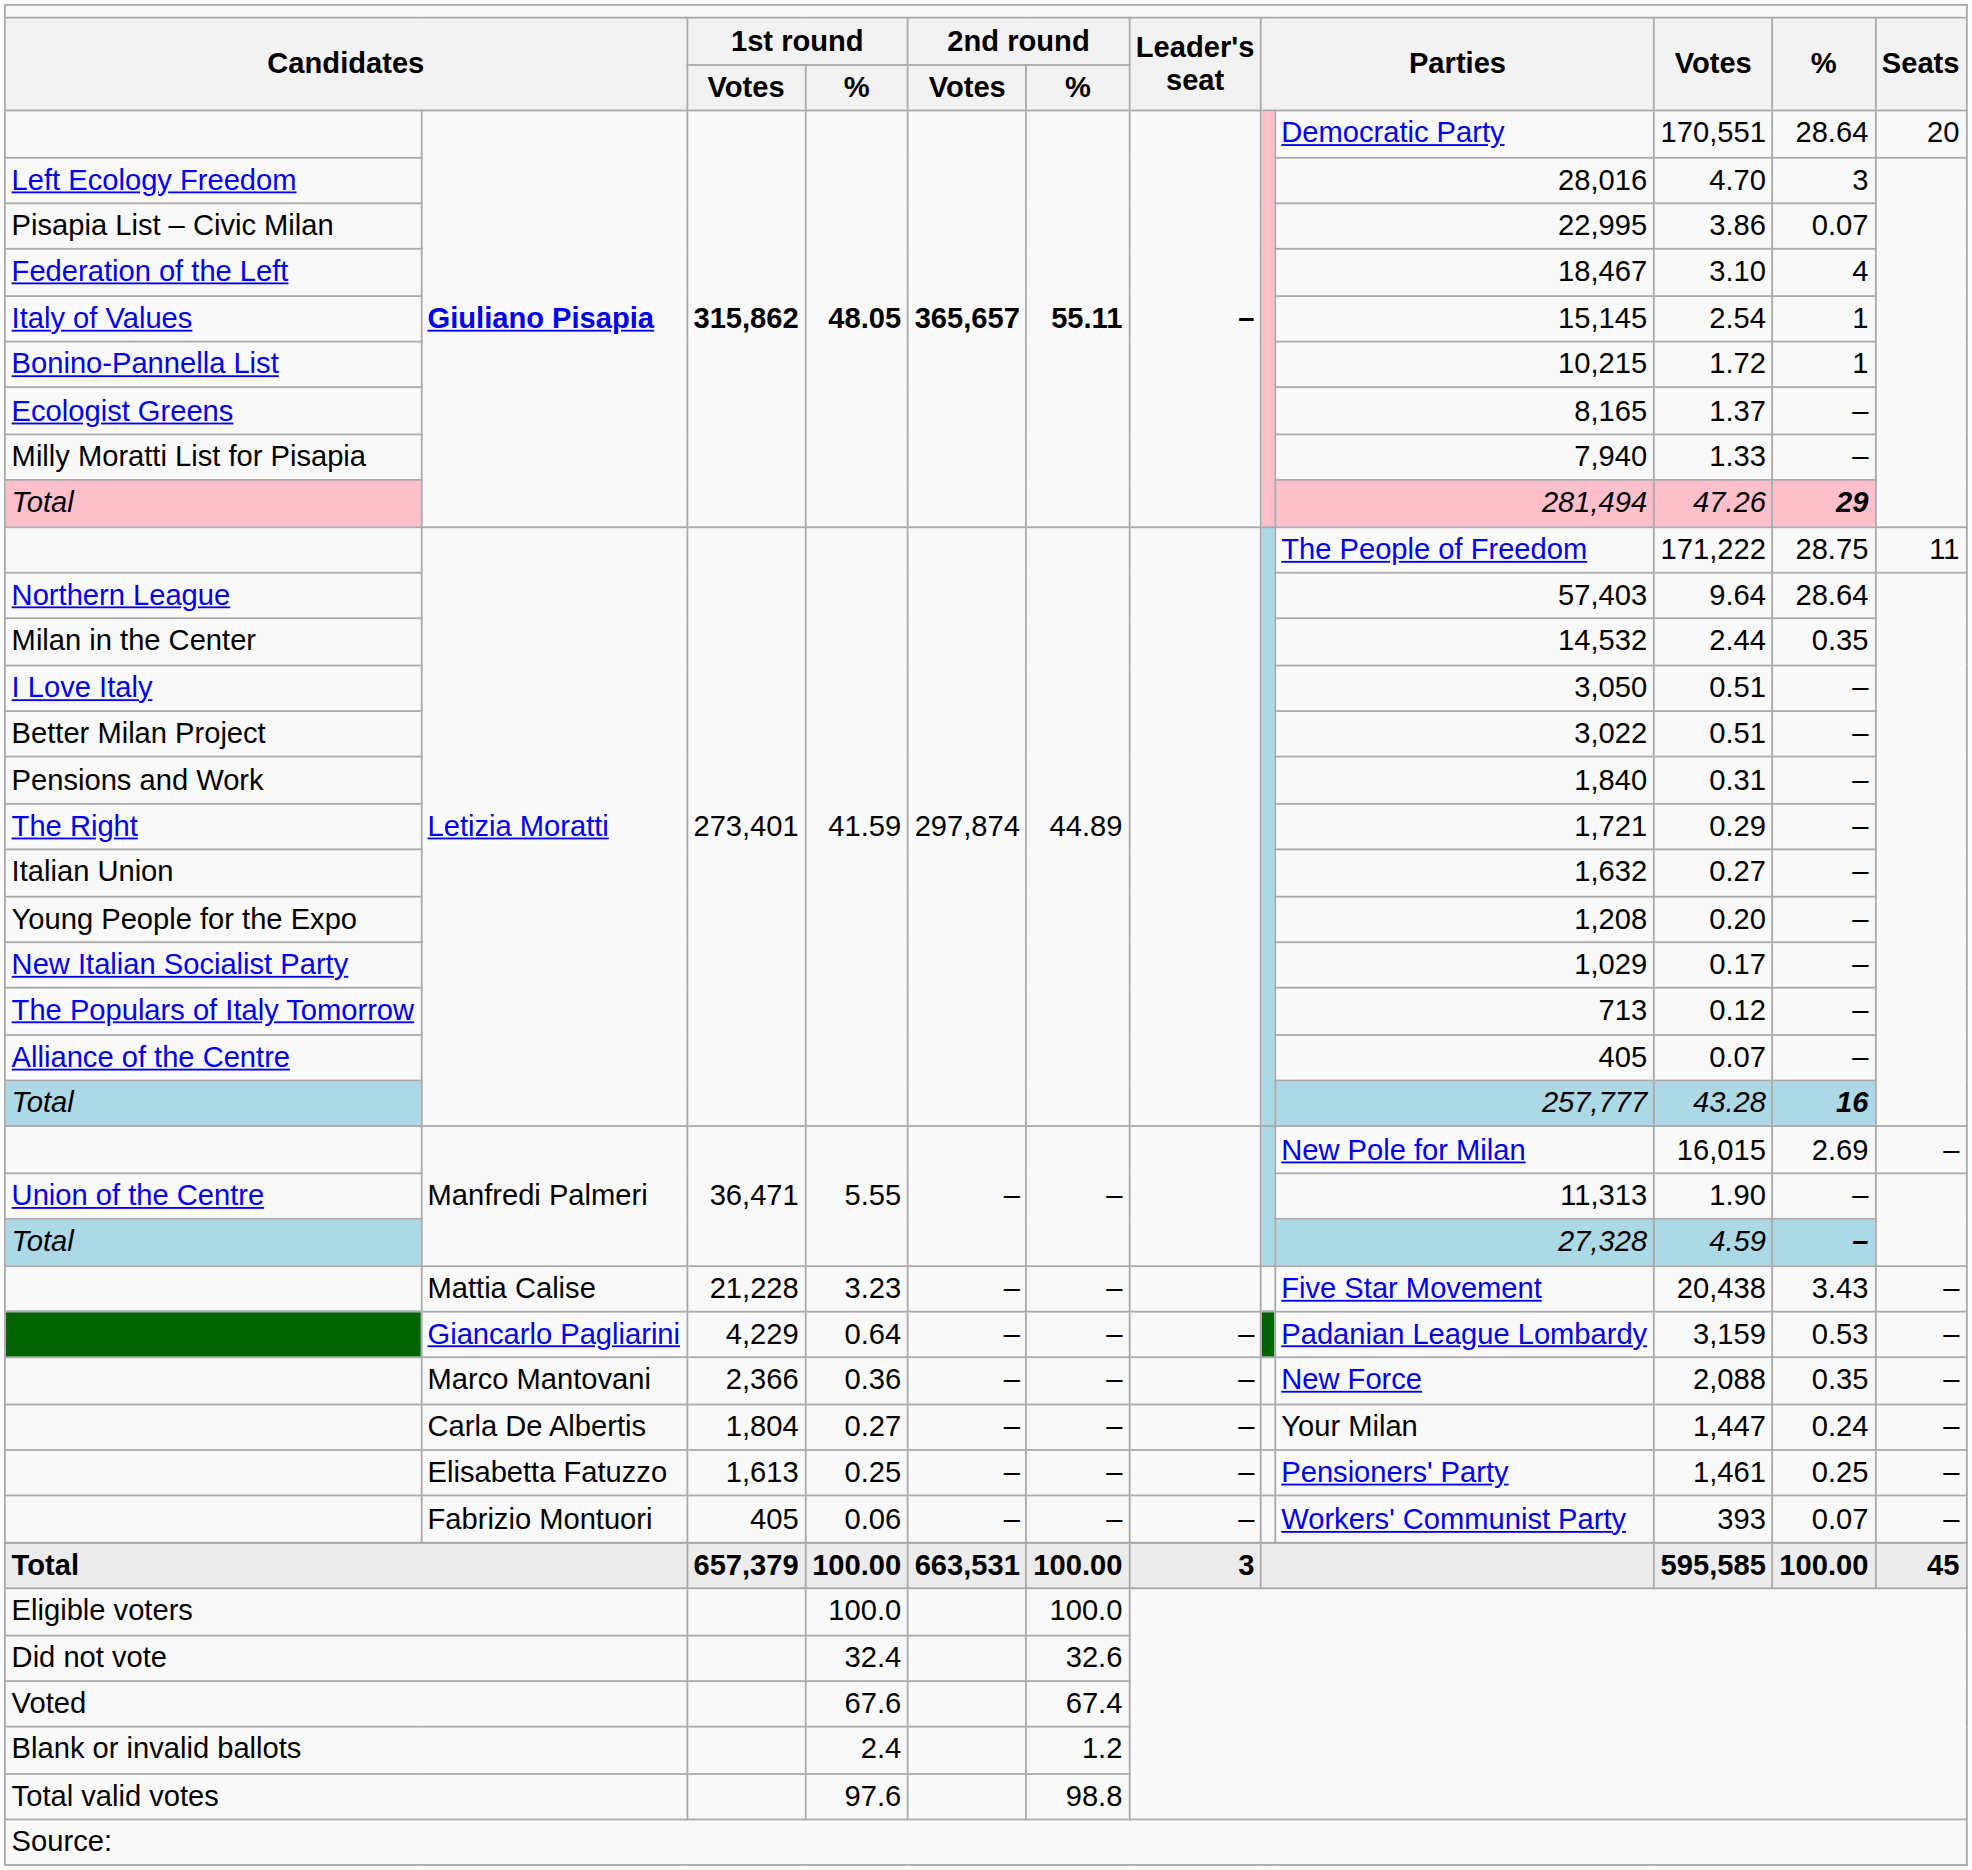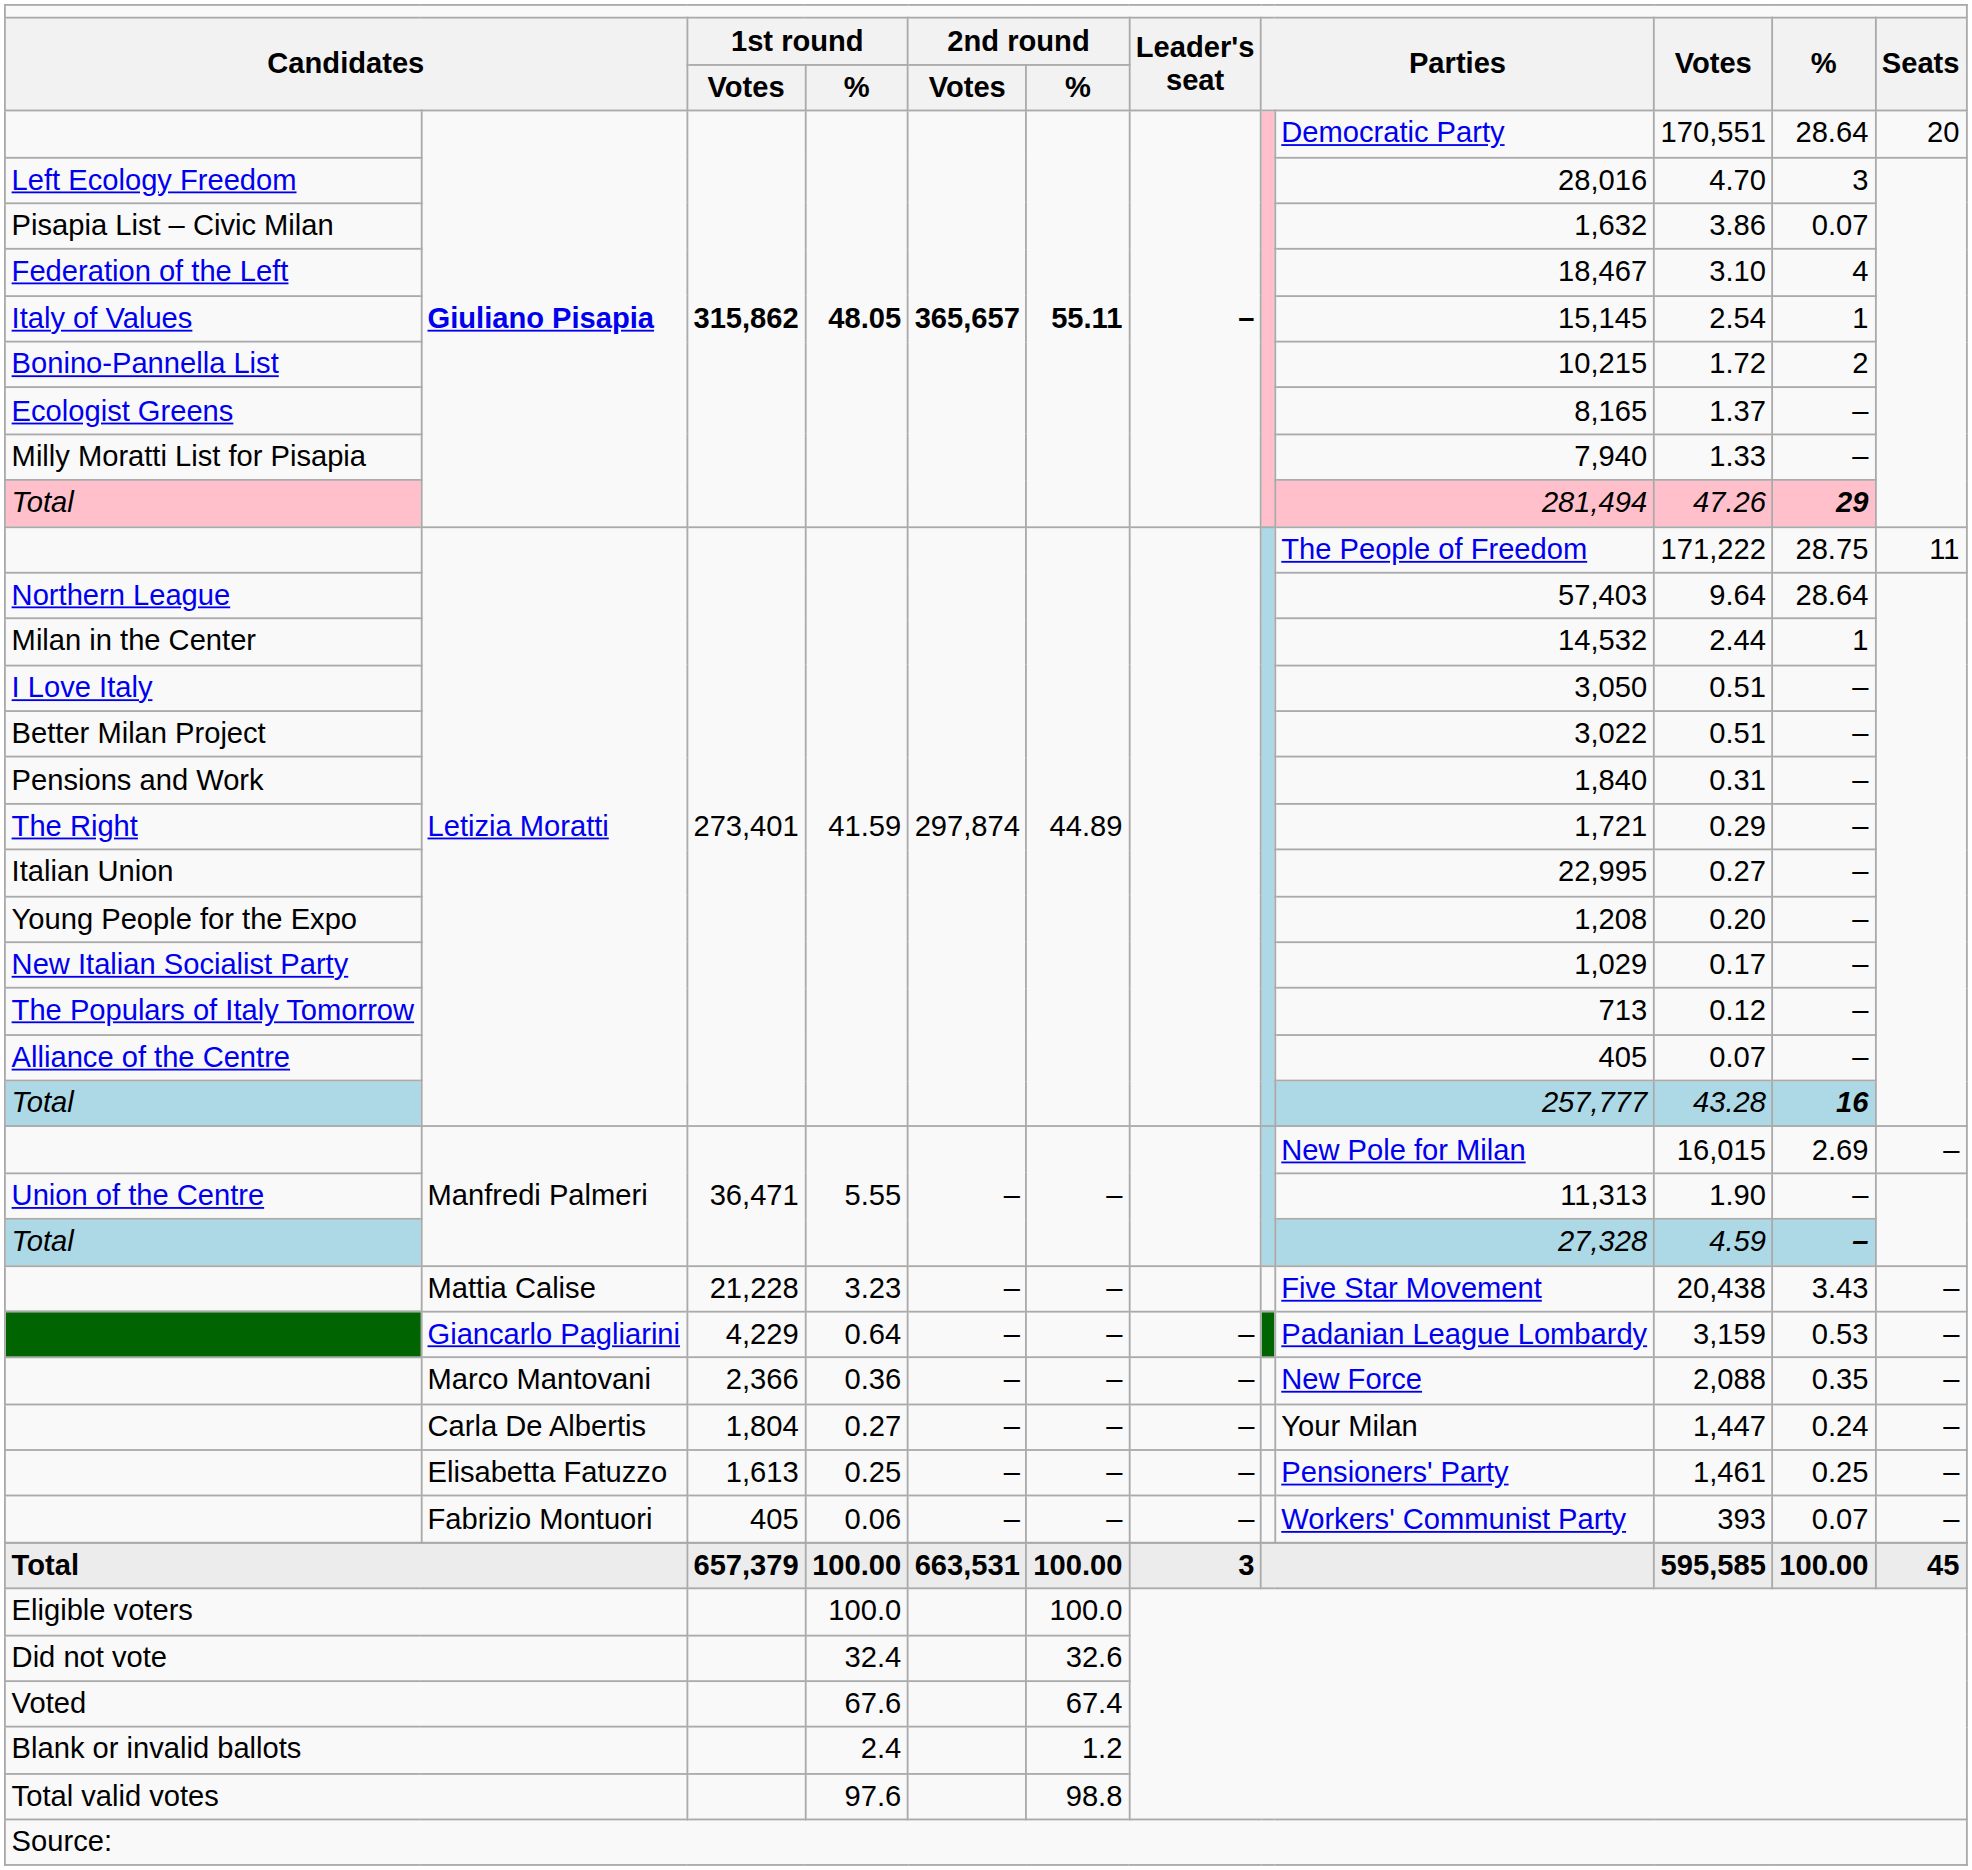 <table class="wikitable" style="text-align:left">
 <tr>
 <td colspan="12"></td>
 </tr>
 <tr>
 <th rowspan=2 colspan="2">Candidates</th>
 <th colspan=2>1st round</th>
 <th colspan=2>2nd round</th>
 <th rowspan=2>Leader's<br>seat</th>
 <th rowspan=2 colspan=2>Parties</th>
 <th rowspan=2>Votes</th>
 <th rowspan=2>%</th>
 <th rowspan=2>Seats</th>
 </tr>
 <tr>
 <th>Votes</th>
 <th>%</th>
 <th>Votes</th>
 <th>%</th>
 </tr>
 <tr>
 <td></td>
 <td rowspan=9><strong><a href='#'>Giuliano Pisapia</a></strong></td>
 <td rowspan=9 align=right><strong>315,862</strong></td>
 <td rowspan=9 align=right><strong>48.05</strong></td>
 <td rowspan=9 align=right><strong>365,657</strong></td>
 <td rowspan=9 align=right><strong>55.11</strong></td>
 <td rowspan=9 align=right><strong>–</strong></td>
 <td rowspan=9 bgcolor="pink"></td>
 <td><a href='#'>Democratic Party</a></td>
 <td align=right>170,551</td>
 <td align=right>28.64</td>
 <td align=right>20</td>
 </tr>
 <tr>
 <td><a href='#'>Left Ecology Freedom</a></td>
 <td align=right>28,016</td>
 <td align=right>4.70</td>
 <td align=right>3</td>
 </tr>
 <tr>
 <td>Pisapia List – Civic Milan</td>
-<td align=right>22,995</td>
+<td align=right>1,632</td>
 <td align=right>3.86</td>
 <td align=right>0.07</td>
 </tr>
 <tr>
 <td><a href='#'>Federation of the Left</a></td>
 <td align=right>18,467</td>
 <td align=right>3.10</td>
 <td align=right>4</td>
 </tr>
 <tr>
 <td><a href='#'>Italy of Values</a></td>
 <td align=right>15,145</td>
 <td align=right>2.54</td>
 <td align=right>1</td>
 </tr>
 <tr>
 <td><a href='#'>Bonino-Pannella List</a></td>
 <td align=right>10,215</td>
 <td align=right>1.72</td>
-<td align=right>1</td>
+<td align=right>2</td>
 </tr>
 <tr>
 <td><a href='#'>Ecologist Greens</a></td>
 <td align=right>8,165</td>
 <td align=right>1.37</td>
 <td align=right>–</td>
 </tr>
 <tr>
 <td>Milly Moratti List for Pisapia</td>
 <td align=right>7,940</td>
 <td align=right>1.33</td>
 <td align=right>–</td>
 </tr>
 <tr>
 <td bgcolor="pink"><em>Total</em></td>
 <td bgcolor="pink" align=right><em>281,494</em></td>
 <td bgcolor="pink" align=right><em>47.26</em></td>
 <td bgcolor="pink" align=right><strong><em>29</em></strong></td>
 </tr>
 <tr>
 <td></td>
 <td rowspan=13><a href='#'>Letizia Moratti</a></td>
 <td rowspan=13 align=right>273,401</td>
 <td rowspan=13 align=right>41.59</td>
 <td rowspan=13 align=right>297,874</td>
 <td rowspan=13 align=right>44.89</td>
 <td rowspan=13 align=right></td>
 <td rowspan=13 bgcolor="lightblue"></td>
 <td><a href='#'>The People of Freedom</a></td>
 <td align=right>171,222</td>
 <td align=right>28.75</td>
 <td align=right>11</td>
 </tr>
 <tr>
 <td><a href='#'>Northern League</a></td>
 <td align=right>57,403</td>
 <td align=right>9.64</td>
 <td align=right>28.64</td>
 </tr>
 <tr>
 <td>Milan in the Center</td>
 <td align=right>14,532</td>
 <td align=right>2.44</td>
-<td align=right>0.35</td>
+<td align=right>1</td>
 </tr>
 <tr>
 <td><a href='#'>I Love Italy</a></td>
 <td align=right>3,050</td>
 <td align=right>0.51</td>
 <td align=right>–</td>
 </tr>
 <tr>
 <td>Better Milan Project</td>
 <td align=right>3,022</td>
 <td align=right>0.51</td>
 <td align=right>–</td>
 </tr>
 <tr>
 <td>Pensions and Work</td>
 <td align=right>1,840</td>
 <td align=right>0.31</td>
 <td align=right>–</td>
 </tr>
 <tr>
 <td><a href='#'>The Right</a></td>
 <td align=right>1,721</td>
 <td align=right>0.29</td>
 <td align=right>–</td>
 </tr>
 <tr>
 <td>Italian Union</td>
-<td align=right>1,632</td>
+<td align=right>22,995</td>
 <td align=right>0.27</td>
 <td align=right>–</td>
 </tr>
 <tr>
 <td>Young People for the Expo</td>
 <td align=right>1,208</td>
 <td align=right>0.20</td>
 <td align=right>–</td>
 </tr>
 <tr>
 <td><a href='#'>New Italian Socialist Party</a></td>
 <td align=right>1,029</td>
 <td align=right>0.17</td>
 <td align=right>–</td>
 </tr>
 <tr>
 <td><a href='#'>The Populars of Italy Tomorrow</a></td>
 <td align=right>713</td>
 <td align=right>0.12</td>
 <td align=right>–</td>
 </tr>
 <tr>
 <td><a href='#'>Alliance of the Centre</a></td>
 <td align=right>405</td>
 <td align=right>0.07</td>
 <td align=right>–</td>
 </tr>
 <tr>
 <td bgcolor="lightblue"><em>Total</em></td>
 <td bgcolor="lightblue" align=right><em>257,777</em></td>
 <td bgcolor="lightblue" align=right><em>43.28</em></td>
 <td bgcolor="lightblue" align=right><strong><em>16</em></strong></td>
 </tr>
 <tr>
 <td></td>
 <td rowspan=3>Manfredi Palmeri</td>
 <td rowspan=3 align=right>36,471</td>
 <td rowspan=3 align=right>5.55</td>
 <td rowspan=3 align=right>–</td>
 <td rowspan=3 align=right>–</td>
 <td rowspan=3 align=right></td>
 <td rowspan=3 bgcolor="lightblue"></td>
 <td><a href='#'>New Pole for Milan</a></td>
 <td align=right>16,015</td>
 <td align=right>2.69</td>
 <td align=right>–</td>
 </tr>
 <tr>
 <td><a href='#'>Union of the Centre</a></td>
 <td align=right>11,313</td>
 <td align=right>1.90</td>
 <td align=right>–</td>
 </tr>
 <tr>
 <td bgcolor="lightblue"><em>Total</em></td>
 <td bgcolor="lightblue" align=right><em>27,328</em></td>
 <td bgcolor="lightblue" align=right><em>4.59</em></td>
 <td bgcolor="lightblue" align=right><strong><em>–</em></strong></td>
 </tr>
 <tr>
 <td></td>
 <td>Mattia Calise</td>
 <td align=right>21,228</td>
 <td align=right>3.23</td>
 <td align=right>–</td>
 <td align=right>–</td>
 <td align=right></td>
 <td></td>
 <td><a href='#'>Five Star Movement</a></td>
 <td align=right>20,438</td>
 <td align=right>3.43</td>
 <td align=right>–</td>
 </tr>
 <tr>
 <td bgcolor="darkgreen"></td>
 <td><a href='#'>Giancarlo Pagliarini</a></td>
 <td align=right>4,229</td>
 <td align=right>0.64</td>
 <td align=right>–</td>
 <td align=right>–</td>
 <td align=right>–</td>
 <td bgcolor="darkgreen"></td>
 <td><a href='#'>Padanian League Lombardy</a></td>
 <td align=right>3,159</td>
 <td align=right>0.53</td>
 <td align=right>–</td>
 </tr>
 <tr>
 <td></td>
 <td>Marco Mantovani</td>
 <td align=right>2,366</td>
 <td align=right>0.36</td>
 <td align=right>–</td>
 <td align=right>–</td>
 <td align=right>–</td>
 <td></td>
 <td><a href='#'>New Force</a></td>
 <td align=right>2,088</td>
 <td align=right>0.35</td>
 <td align=right>–</td>
 </tr>
 <tr>
 <td></td>
 <td>Carla De Albertis</td>
 <td align=right>1,804</td>
 <td align=right>0.27</td>
 <td align=right>–</td>
 <td align=right>–</td>
 <td align=right>–</td>
 <td></td>
 <td>Your Milan</td>
 <td align=right>1,447</td>
 <td align=right>0.24</td>
 <td align=right>–</td>
 </tr>
 <tr>
 <td></td>
 <td>Elisabetta Fatuzzo</td>
 <td align=right>1,613</td>
 <td align=right>0.25</td>
 <td align=right>–</td>
 <td align=right>–</td>
 <td align=right>–</td>
 <td></td>
 <td><a href='#'>Pensioners' Party</a></td>
 <td align=right>1,461</td>
 <td align=right>0.25</td>
 <td align=right>–</td>
 </tr>
 <tr>
 <td></td>
 <td>Fabrizio Montuori</td>
 <td align=right>405</td>
 <td align=right>0.06</td>
 <td align=right>–</td>
 <td align=right>–</td>
 <td align=right>–</td>
 <td></td>
 <td><a href='#'>Workers' Communist Party</a></td>
 <td align=right>393</td>
 <td align=right>0.07</td>
 <td align=right>–</td>
 </tr>
 <tr>
 </tr>
 <tr bgcolor=ececec>
 <td colspan="2"><strong>Total</strong></td>
 <td align=right><strong>657,379</strong></td>
 <td align=right><strong>100.00</strong></td>
 <td align=right><strong>663,531</strong></td>
 <td align=right><strong>100.00</strong></td>
 <td align=right><strong>3</strong></td>
 <td align=right colspan=2></td>
 <td align=right><strong>595,585</strong></td>
 <td align=right><strong>100.00</strong></td>
 <td align=right><strong>45</strong></td>
 </tr>
 <tr>
 <td colspan=2>Eligible voters</td>
 <td style="text-align: right"></td>
 <td style="text-align: right">100.0</td>
 <td style="text-align: right"></td>
 <td style="text-align: right">100.0</td>
 <td rowspan=5 colspan=6></td>
 </tr>
 <tr>
 <td colspan=2>Did not vote</td>
 <td style="text-align: right"></td>
 <td style="text-align: right">32.4</td>
 <td style="text-align: right"></td>
 <td style="text-align: right">32.6</td>
 </tr>
 <tr>
 <td colspan=2>Voted</td>
 <td style="text-align: right"></td>
 <td style="text-align: right">67.6</td>
 <td style="text-align: right"></td>
 <td style="text-align: right">67.4</td>
 </tr>
 <tr>
 <td colspan=2>Blank or invalid ballots</td>
 <td style="text-align: right"></td>
 <td style="text-align: right">2.4</td>
 <td style="text-align: right"></td>
 <td style="text-align: right">1.2</td>
 </tr>
 <tr>
 <td colspan=2>Total valid votes</td>
 <td style="text-align: right"></td>
 <td style="text-align: right">97.6</td>
 <td style="text-align: right"></td>
 <td style="text-align: right">98.8</td>
 </tr>
 <tr>
 <td style="text-align:left;" colspan="12">Source: </td>
 </tr>
 </table>
